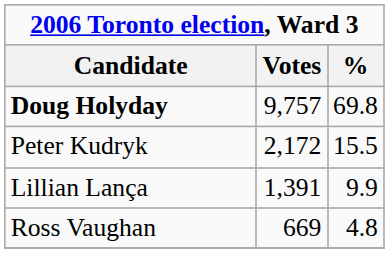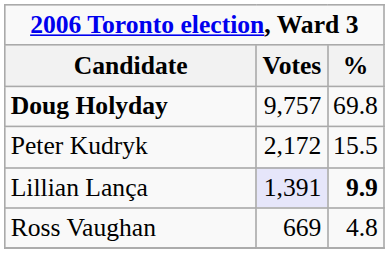 <table class="wikitable">
 <tr>
 <td Colspan="3" align="center"><strong><a href='#'>2006 Toronto election</a>, Ward 3</strong></td>
 </tr>
 <tr>
 <th width="150" bgcolor="#ddddff">Candidate</th>
 <th bgcolor="#ddddff">Votes</th>
 <th bgcolor="#ddddff">%</th>
 </tr>
 <tr>
 <td><strong>Doug Holyday</strong></td>
 <td align=right>9,757</td>
 <td align=right>69.8</td>
 </tr>
 <tr>
 <td>Peter Kudryk</td>
 <td align=right>2,172</td>
 <td align=right>15.5</td>
 </tr>
 <tr>
 <td>Lillian Lança</td>
-<td align=right>1,391</td>
-<td align=right>9.9</td>
+<td align=right style="background: lavender;">1,391</td>
+<td align=right><strong>9.9</strong></td>
 </tr>
 <tr>
 <td>Ross Vaughan</td>
 <td align=right>669</td>
 <td align=right>4.8</td>
 </tr>
 <tr>
 </tr>
 </table>
